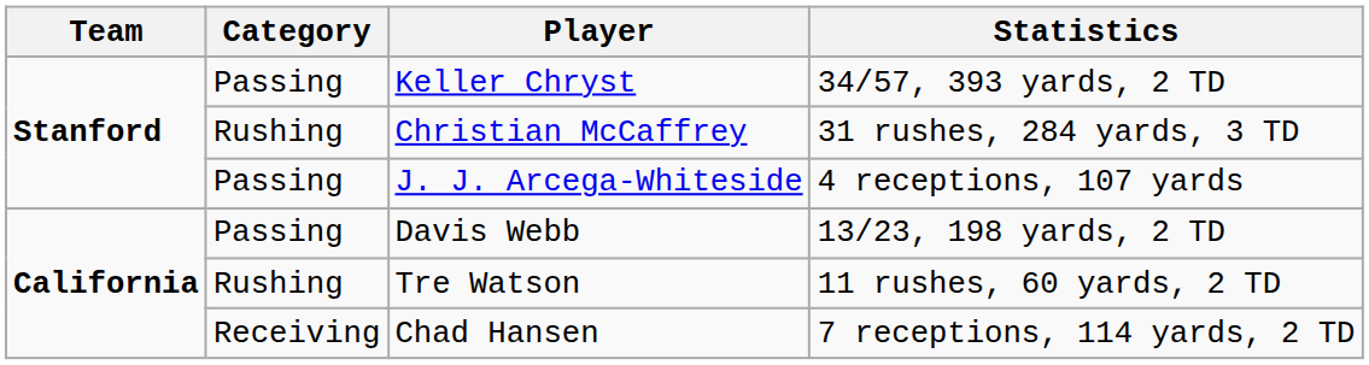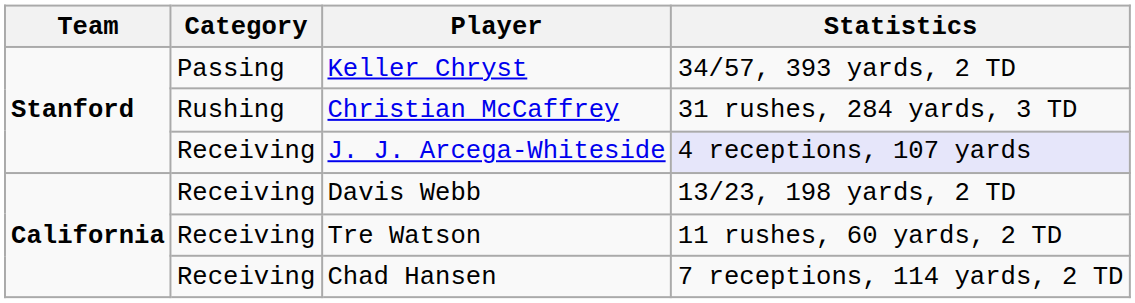 <table class="wikitable" style="float: left;">
 <tr>
 <th>Team</th>
 <th>Category</th>
 <th>Player</th>
 <th>Statistics</th>
 </tr>
 <tr>
 <td rowspan=3><strong>Stanford</strong></td>
 <td>Passing</td>
 <td><a href='#'>Keller Chryst</a></td>
 <td>34/57, 393 yards, 2 TD</td>
 </tr>
 <tr>
 <td>Rushing</td>
 <td><a href='#'>Christian McCaffrey</a></td>
 <td>31 rushes, 284 yards, 3 TD</td>
 </tr>
 <tr>
-<td>Passing</td>
+<td>Receiving</td>
 <td><a href='#'>J. J. Arcega-Whiteside</a></td>
-<td>4 receptions, 107 yards</td>
+<td style="background: lavender;">4 receptions, 107 yards</td>
 </tr>
 <tr>
 <td rowspan=3><strong>California</strong></td>
-<td>Passing</td>
+<td>Receiving</td>
 <td>Davis Webb</td>
 <td>13/23, 198 yards, 2 TD</td>
 </tr>
 <tr>
-<td>Rushing</td>
+<td>Receiving</td>
 <td>Tre Watson</td>
 <td>11 rushes, 60 yards, 2 TD</td>
 </tr>
 <tr>
 <td>Receiving</td>
 <td>Chad Hansen</td>
 <td>7 receptions, 114 yards, 2 TD</td>
 </tr>
 </table>
